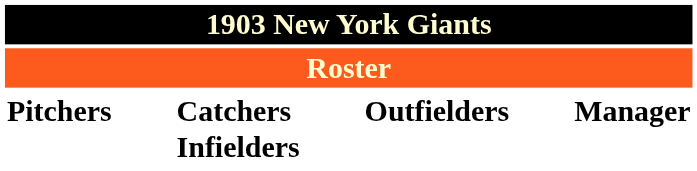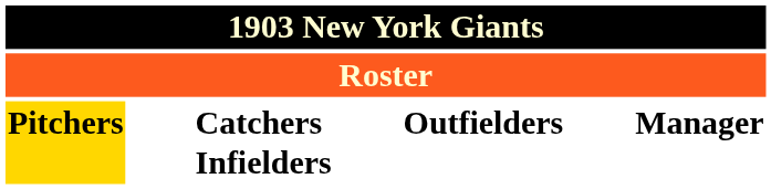 <table class="toccolours" style="font-size: 95%;">
 <tr>
 <th colspan="10" style="background-color: black; color: #FFFDD0; text-align: center;">1903 New York Giants</th>
 </tr>
 <tr>
 <td colspan="10" style="background-color: #fd5a1e; color: #FFFDD0; text-align: center;"><strong>Roster</strong></td>
 </tr>
 <tr>
-<td valign="top"><strong>Pitchers</strong><br>      </td>
+<td valign="top" style="background: gold;"><strong>Pitchers</strong><br>      </td>
 <td width="25px"></td>
 <td valign="top"><strong>Catchers</strong><br>  <strong>Infielders</strong>       </td>
 <td width="25px"></td>
 <td valign="top"><strong>Outfielders</strong><br>   </td>
 <td width="25px"></td>
 <td valign="top"><strong>Manager</strong><br></td>
 </tr>
 <tr>
 </tr>
 </table>
